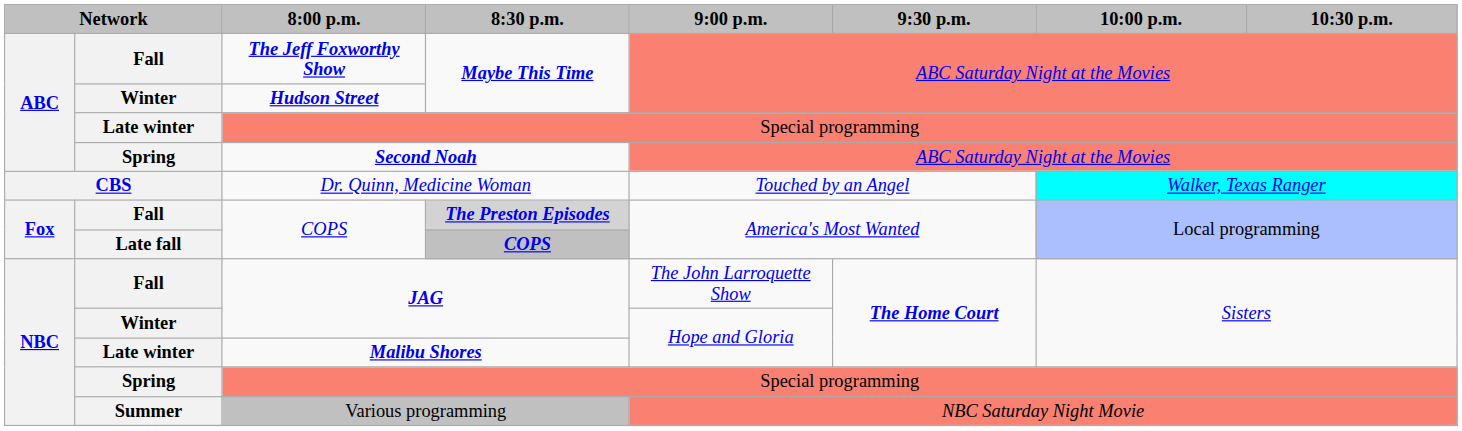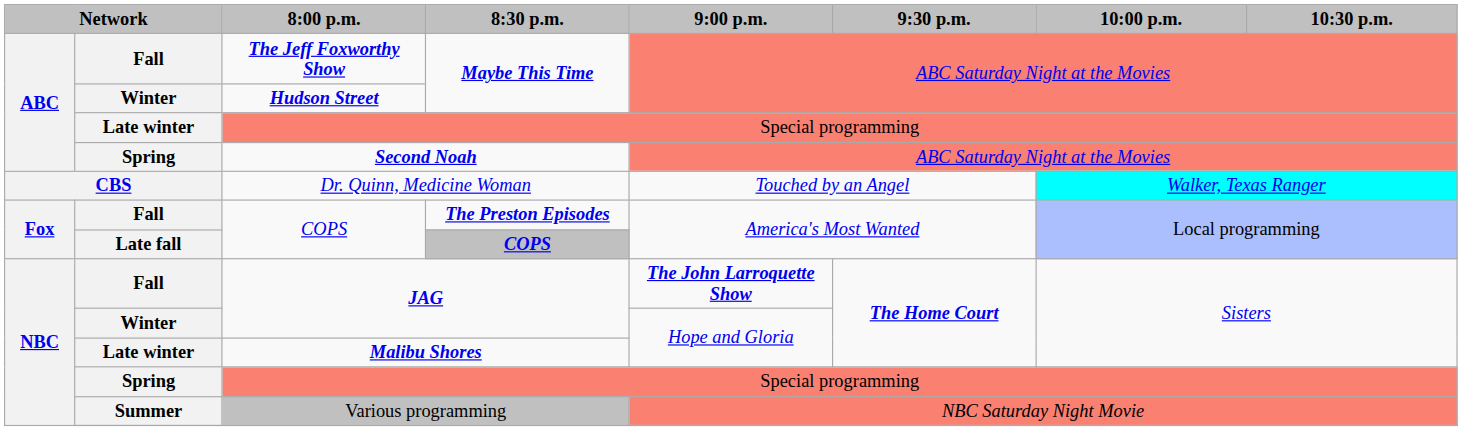 <table class="wikitable" style="width:100%;margin-right:0;text-align:center">
 <tr>
 <th colspan="2" style="background-color:#C0C0C0;text-align:center;width:15%;">Network</th>
 <th style="background-color:#C0C0C0;text-align:center;width:14%;">8:00 p.m.</th>
 <th style="background-color:#C0C0C0;text-align:center;width:14%;">8:30 p.m.</th>
 <th style="background-color:#C0C0C0;text-align:center;width:14%;">9:00 p.m.</th>
 <th style="background-color:#C0C0C0;text-align:center;width:14%;">9:30 p.m.</th>
 <th style="background-color:#C0C0C0;text-align:center">10:00 p.m.</th>
 <th style="background-color:#C0C0C0;text-align:center">10:30 p.m.</th>
 </tr>
 <tr>
 <th rowspan="4"><a href='#'>ABC</a></th>
 <th>Fall</th>
 <td><strong><em><a href='#'>The Jeff Foxworthy Show</a></em></strong></td>
 <td rowspan="2"><strong><em><a href='#'>Maybe This Time</a></em></strong></td>
 <td rowspan="2" colspan="4" style="background:#FA8072;"><em><a href='#'>ABC Saturday Night at the Movies</a></em></td>
 </tr>
 <tr>
 <th>Winter</th>
 <td><strong><em><a href='#'>Hudson Street</a></em></strong></td>
 </tr>
 <tr>
 <th>Late winter</th>
 <td colspan="6" style="background:#FA8072;">Special programming</td>
 </tr>
 <tr>
 <th>Spring</th>
 <td colspan="2"><strong><em><a href='#'>Second Noah</a></em></strong></td>
 <td colspan="4" style="background:#FA8072;"><em><a href='#'>ABC Saturday Night at the Movies</a></em></td>
 </tr>
 <tr>
 <th colspan="2"><a href='#'>CBS</a></th>
 <td colspan="2"><em><a href='#'>Dr. Quinn, Medicine Woman</a></em></td>
 <td colspan="2"><em><a href='#'>Touched by an Angel</a></em></td>
 <td colspan="2" style="background:cyan;"><em><a href='#'>Walker, Texas Ranger</a></em> </td>
 </tr>
 <tr>
 <th rowspan="2"><a href='#'>Fox</a></th>
 <th>Fall</th>
 <td rowspan="2"><em><a href='#'>COPS</a></em></td>
-<td style="background: lightgrey;"><strong><em><a href='#'>The Preston Episodes</a></em></strong></td>
+<td><strong><em><a href='#'>The Preston Episodes</a></em></strong></td>
 <td colspan="2" rowspan="2"><em><a href='#'>America's Most Wanted</a></em></td>
 <td colspan="2" rowspan="2" style="background:#abbfff;">Local programming</td>
 </tr>
 <tr>
 <th>Late fall</th>
 <td style="background:#C0C0C0;"><strong><em><a href='#'>COPS</a></em> </strong></td>
 </tr>
 <tr>
 <th rowspan="6"><a href='#'>NBC</a></th>
 <th>Fall</th>
 <td rowspan="2" colspan="2"><strong><em><a href='#'>JAG</a></em></strong></td>
-<td><em><a href='#'>The John Larroquette Show</a></em></td>
+<td><strong><em><a href='#'>The John Larroquette Show</a></em></strong></td>
 <td rowspan="3"><strong><em><a href='#'>The Home Court</a></em></strong></td>
 <td rowspan="3" colspan="2"><em><a href='#'>Sisters</a></em></td>
 </tr>
 <tr>
 <th>Winter</th>
 <td rowspan="2"><em><a href='#'>Hope and Gloria</a></em></td>
 </tr>
 <tr>
 <th>Late winter</th>
 <td colspan="2"><strong><em><a href='#'>Malibu Shores</a></em></strong></td>
 </tr>
 <tr>
 <th>Spring</th>
 <td colspan="6" style="background:#FA8072;">Special programming</td>
 </tr>
 <tr>
 <th>Summer</th>
 <td colspan="2" style="background:#C0C0C0;">Various programming</td>
 <td colspan="4" style="background:#FA8072;"><em>NBC Saturday Night Movie</em></td>
 </tr>
 <tr>
 </tr>
 </table>
